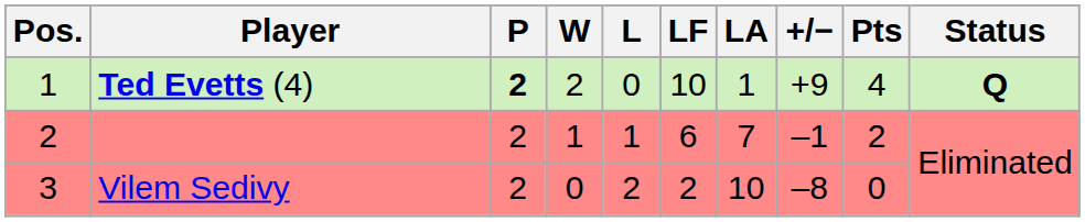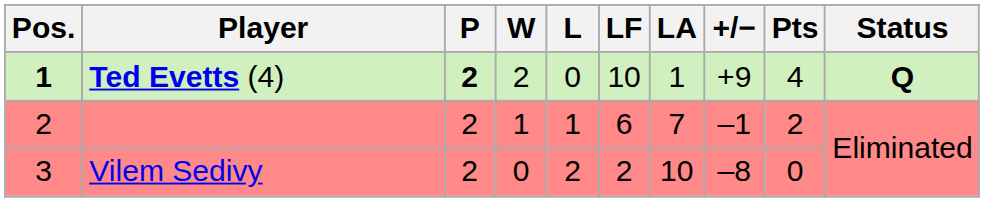 <table class="wikitable" style="text-align:center; margin: 1em auto 1em auto, align:left">
 <tr>
 <th width=20>Pos.</th>
 <th width=185>Player</th>
 <th width=20>P</th>
 <th width=20>W</th>
 <th width=20>L</th>
 <th width=20>LF</th>
 <th width=20>LA</th>
 <th width=25>+/−</th>
 <th width=20>Pts</th>
 <th width=70>Status</th>
 </tr>
 <tr style="background:#D0F0C0;">
-<td>1</td>
+<td><strong>1</strong></td>
 <td align=left> <strong><a href='#'>Ted Evetts</a></strong> (4)</td>
 <td><strong>2</strong></td>
 <td>2</td>
 <td>0</td>
 <td>10</td>
 <td>1</td>
 <td>+9</td>
 <td>4</td>
 <td><strong>Q</strong></td>
 </tr>
 <tr style="background:#FF8888;">
 <td>2</td>
 <td align=left></td>
 <td>2</td>
 <td>1</td>
 <td>1</td>
 <td>6</td>
 <td>7</td>
 <td>–1</td>
 <td>2</td>
 <td rowspan=2>Eliminated</td>
 </tr>
 <tr style="background:#FF8888;">
 <td>3</td>
 <td align=left> <a href='#'>Vilem Sedivy</a></td>
 <td>2</td>
 <td>0</td>
 <td>2</td>
 <td>2</td>
 <td>10</td>
 <td>–8</td>
 <td>0</td>
 </tr>
 </table>
